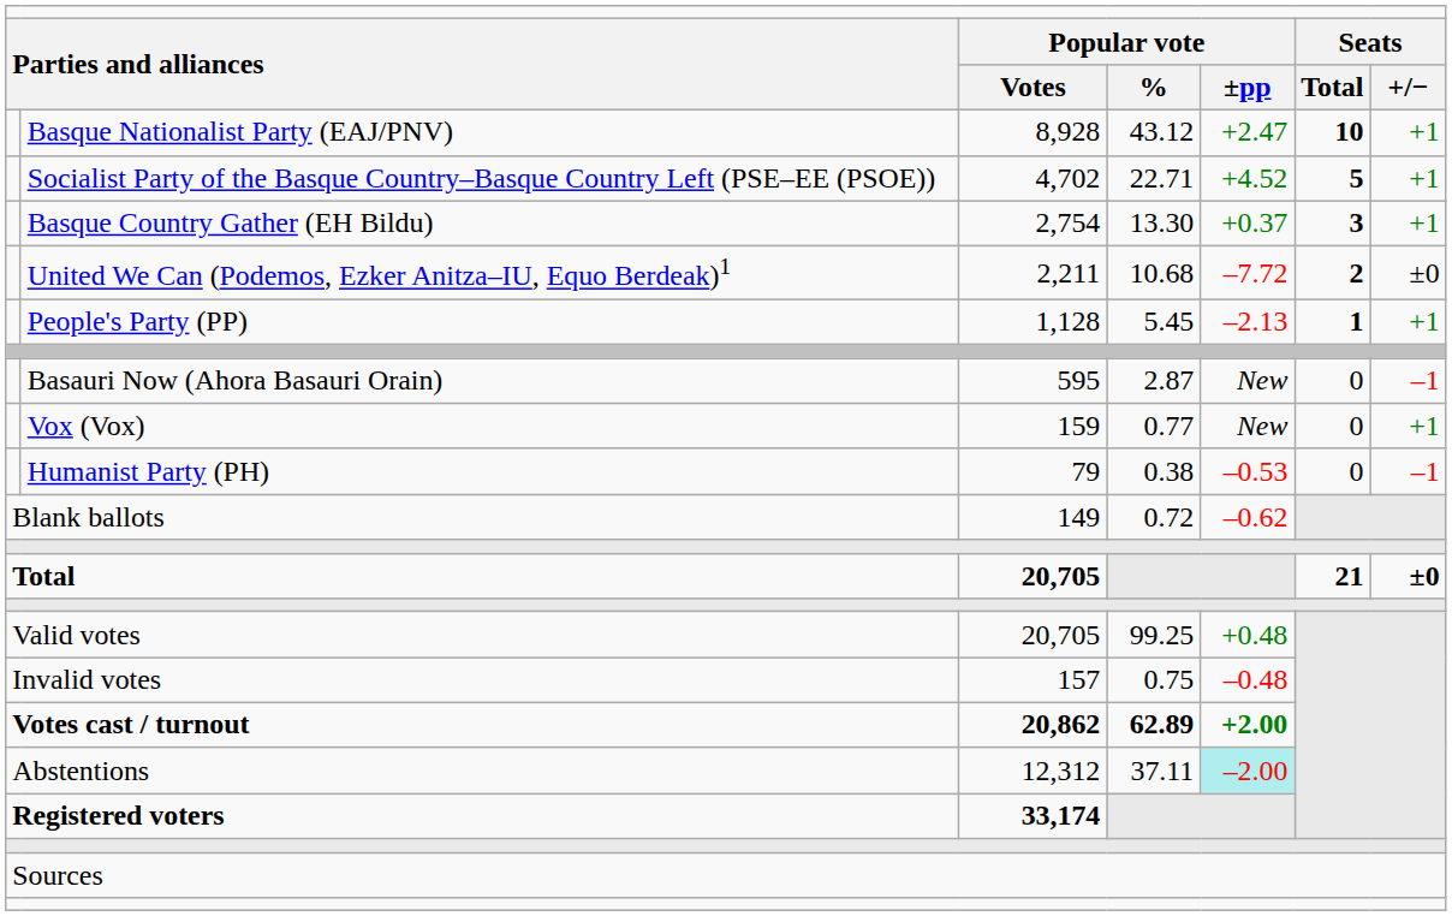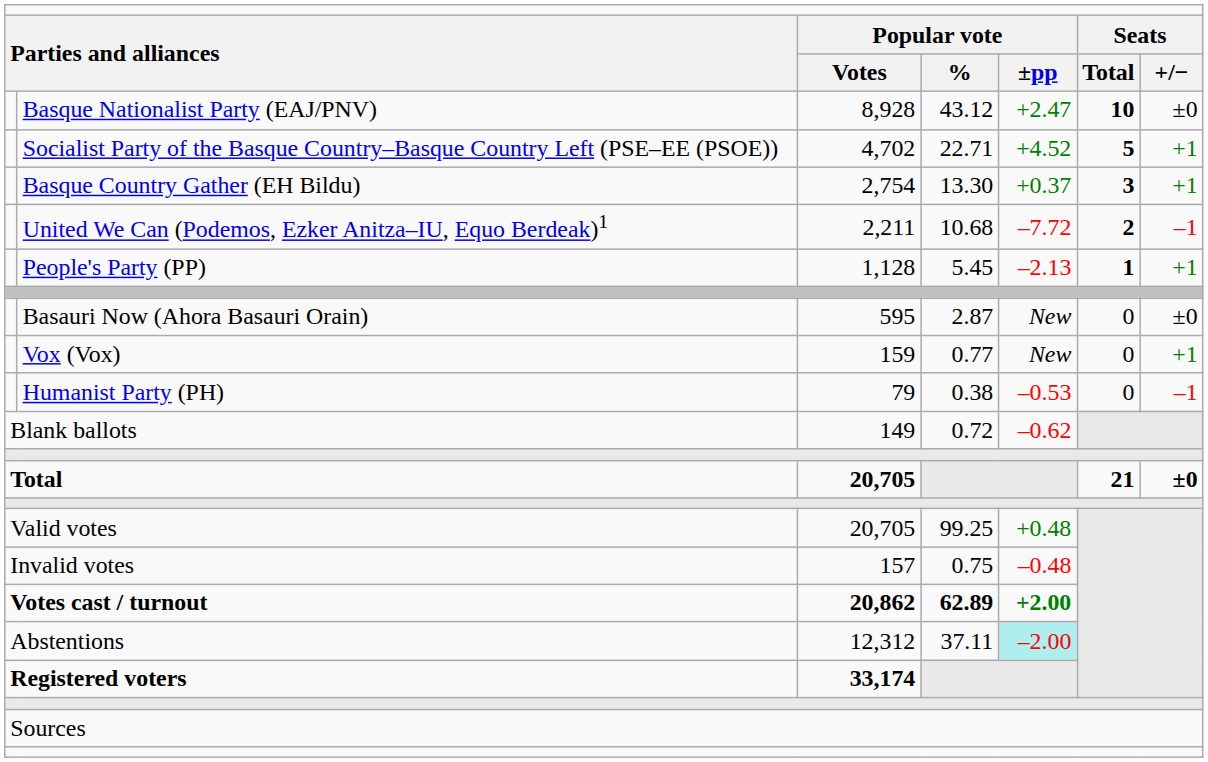 <table class="wikitable" style="text-align:right;">
 <tr>
 <td colspan="7"></td>
 </tr>
 <tr>
 <th style="text-align:left;" rowspan="2" colspan="2" width="525">Parties and alliances</th>
 <th colspan="3">Popular vote</th>
 <th colspan="2">Seats</th>
 </tr>
 <tr>
 <th width="75">Votes</th>
 <th width="45">%</th>
 <th width="45">±<a href='#'>pp</a></th>
 <th width="35">Total</th>
 <th width="35">+/−</th>
 </tr>
 <tr>
 <td width="1" style="color:inherit;background:"></td>
 <td align="left"><a href='#'>Basque Nationalist Party</a> (EAJ/PNV)</td>
 <td>8,928</td>
 <td>43.12</td>
 <td style="color:green;">+2.47</td>
 <td><strong>10</strong></td>
-<td style="color:green;">+1</td>
+<td>±0</td>
 </tr>
 <tr>
 <td style="color:inherit;background:"></td>
 <td align="left"><a href='#'>Socialist Party of the Basque Country–Basque Country Left</a> (PSE–EE (PSOE))</td>
 <td>4,702</td>
 <td>22.71</td>
 <td style="color:green;">+4.52</td>
 <td><strong>5</strong></td>
 <td style="color:green;">+1</td>
 </tr>
 <tr>
 <td style="color:inherit;background:"></td>
 <td align="left"><a href='#'>Basque Country Gather</a> (EH Bildu)</td>
 <td>2,754</td>
 <td>13.30</td>
 <td style="color:green;">+0.37</td>
 <td><strong>3</strong></td>
 <td style="color:green;">+1</td>
 </tr>
 <tr>
 <td style="color:inherit;background:"></td>
 <td align="left"><a href='#'>United We Can</a> (<a href='#'>Podemos</a>, <a href='#'>Ezker Anitza–IU</a>, <a href='#'>Equo Berdeak</a>)<sup>1</sup></td>
 <td>2,211</td>
 <td>10.68</td>
 <td style="color:red;">–7.72</td>
 <td><strong>2</strong></td>
-<td>±0</td>
+<td style="color:red;">–1</td>
 </tr>
 <tr>
 <td style="color:inherit;background:"></td>
 <td align="left"><a href='#'>People's Party</a> (PP)</td>
 <td>1,128</td>
 <td>5.45</td>
 <td style="color:red;">–2.13</td>
 <td><strong>1</strong></td>
 <td style="color:green;">+1</td>
 </tr>
 <tr>
 <td colspan="7" bgcolor="#C0C0C0"></td>
 </tr>
 <tr>
 <td style="color:inherit;background:"></td>
 <td align="left">Basauri Now (Ahora Basauri Orain)</td>
 <td>595</td>
 <td>2.87</td>
 <td><em>New</em></td>
 <td>0</td>
-<td style="color:red;">–1</td>
+<td>±0</td>
 </tr>
 <tr>
 <td style="color:inherit;background:"></td>
 <td align="left"><a href='#'>Vox</a> (Vox)</td>
 <td>159</td>
 <td>0.77</td>
 <td><em>New</em></td>
 <td>0</td>
 <td style="color:green;">+1</td>
 </tr>
 <tr>
 <td style="color:inherit;background:"></td>
 <td align="left"><a href='#'>Humanist Party</a> (PH)</td>
 <td>79</td>
 <td>0.38</td>
 <td style="color:red;">–0.53</td>
 <td>0</td>
 <td style="color:red;">–1</td>
 </tr>
 <tr>
 <td align="left" colspan="2">Blank ballots</td>
 <td>149</td>
 <td>0.72</td>
 <td style="color:red;">–0.62</td>
 <td bgcolor="#E9E9E9" colspan="2"></td>
 </tr>
 <tr>
 <td colspan="7" bgcolor="#E9E9E9"></td>
 </tr>
 <tr style="font-weight:bold;">
 <td align="left" colspan="2">Total</td>
 <td>20,705</td>
 <td bgcolor="#E9E9E9" colspan="2"></td>
 <td>21</td>
 <td>±0</td>
 </tr>
 <tr>
 <td colspan="7" bgcolor="#E9E9E9"></td>
 </tr>
 <tr>
 <td align="left" colspan="2">Valid votes</td>
 <td>20,705</td>
 <td>99.25</td>
 <td style="color:green;">+0.48</td>
 <td bgcolor="#E9E9E9" colspan="2" rowspan="5"></td>
 </tr>
 <tr>
 <td align="left" colspan="2">Invalid votes</td>
 <td>157</td>
 <td>0.75</td>
 <td style="color:red;">–0.48</td>
 </tr>
 <tr style="font-weight:bold;">
 <td align="left" colspan="2">Votes cast / turnout</td>
 <td>20,862</td>
 <td>62.89</td>
 <td style="color:green;">+2.00</td>
 </tr>
 <tr>
 <td align="left" colspan="2">Abstentions</td>
 <td>12,312</td>
 <td>37.11</td>
 <td style="background: paleturquoise; color:red;">–2.00</td>
 </tr>
 <tr style="font-weight:bold;">
 <td align="left" colspan="2">Registered voters</td>
 <td>33,174</td>
 <td bgcolor="#E9E9E9" colspan="2"></td>
 </tr>
 <tr>
 <td colspan="7" bgcolor="#E9E9E9"></td>
 </tr>
 <tr>
 <td align="left" colspan="7">Sources</td>
 </tr>
 <tr>
 <td colspan="7" style="text-align:left; max-width:790px;"></td>
 </tr>
 </table>
